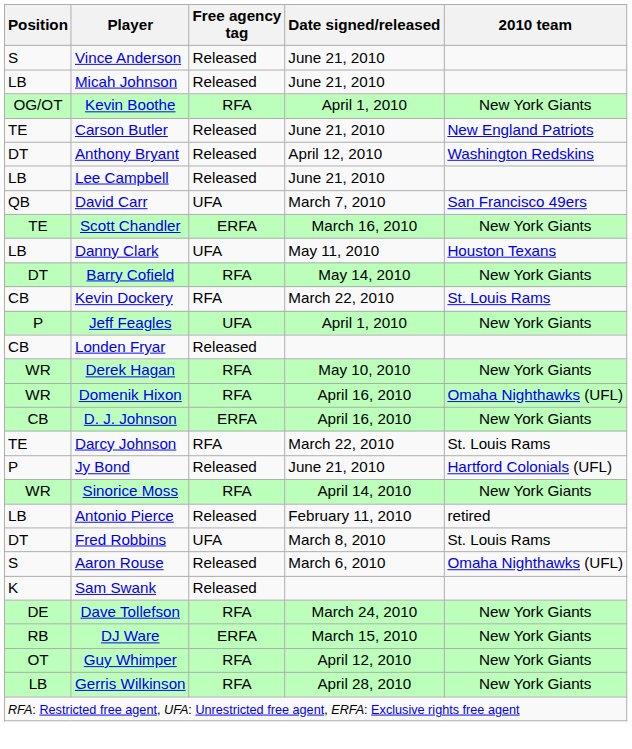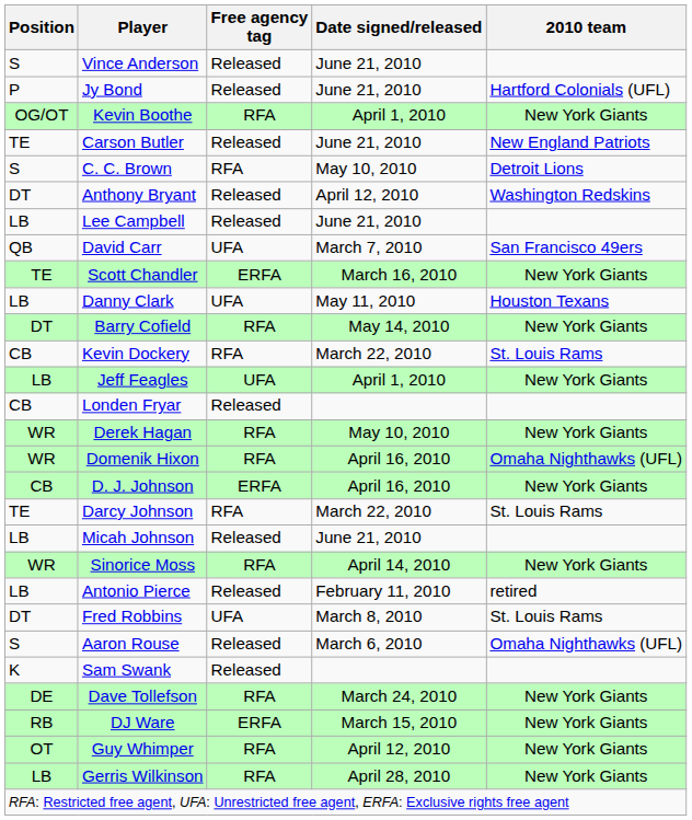 <table class="wikitable">
 <tr>
 <th>Position</th>
 <th>Player</th>
 <th>Free agency<br>tag</th>
 <th>Date signed/released</th>
 <th>2010 team</th>
 </tr>
 <tr style= style="text-align:center;">
 <td>S</td>
 <td><a href='#'>Vince Anderson</a></td>
 <td>Released</td>
 <td>June 21, 2010</td>
 <td></td>
 </tr>
 <tr style= style="text-align:center;">
-<td>LB</td>
-<td><a href='#'>Micah Johnson</a></td>
+<td>P</td>
+<td><a href='#'>Jy Bond</a></td>
 <td>Released</td>
 <td>June 21, 2010</td>
-<td></td>
+<td><a href='#'>Hartford Colonials</a> (UFL)</td>
 </tr>
 <tr style="background:#bfb; text-align:center;">
 <td>OG/OT</td>
 <td><a href='#'>Kevin Boothe</a></td>
 <td>RFA</td>
 <td>April 1, 2010</td>
 <td>New York Giants</td>
 </tr>
 <tr style= style="text-align:center;">
 <td>TE</td>
 <td><a href='#'>Carson Butler</a></td>
 <td>Released</td>
 <td>June 21, 2010</td>
 <td><a href='#'>New England Patriots</a></td>
+</tr>
+<tr style= style="text-align:center;">
+<td>S</td>
+<td><a href='#'>C. C. Brown</a></td>
+<td>RFA</td>
+<td>May 10, 2010</td>
+<td><a href='#'>Detroit Lions</a></td>
 </tr>
 <tr style= style="text-align:center;">
 <td>DT</td>
 <td><a href='#'>Anthony Bryant</a></td>
 <td>Released</td>
 <td>April 12, 2010</td>
 <td><a href='#'>Washington Redskins</a></td>
 </tr>
 <tr style= style="text-align:center;">
 <td>LB</td>
 <td><a href='#'>Lee Campbell</a></td>
 <td>Released</td>
 <td>June 21, 2010</td>
 <td></td>
 </tr>
 <tr style= style="text-align:center;">
 <td>QB</td>
 <td><a href='#'>David Carr</a></td>
 <td>UFA</td>
 <td>March 7, 2010</td>
 <td><a href='#'>San Francisco 49ers</a></td>
 </tr>
 <tr style="background:#bfb; text-align:center;">
 <td>TE</td>
 <td><a href='#'>Scott Chandler</a></td>
 <td>ERFA</td>
 <td>March 16, 2010</td>
 <td>New York Giants</td>
 </tr>
 <tr style= style="text-align:center;">
 <td>LB</td>
 <td><a href='#'>Danny Clark</a></td>
 <td>UFA</td>
 <td>May 11, 2010</td>
 <td><a href='#'>Houston Texans</a></td>
 </tr>
 <tr style="background:#bfb; text-align:center;">
 <td>DT</td>
 <td><a href='#'>Barry Cofield</a></td>
 <td>RFA</td>
 <td>May 14, 2010</td>
 <td>New York Giants</td>
 </tr>
 <tr style= style="text-align:center;">
 <td>CB</td>
 <td><a href='#'>Kevin Dockery</a></td>
 <td>RFA</td>
 <td>March 22, 2010</td>
 <td><a href='#'>St. Louis Rams</a></td>
 </tr>
 <tr style="background:#bfb; text-align:center;">
-<td>P</td>
+<td>LB</td>
 <td><a href='#'>Jeff Feagles</a></td>
 <td>UFA</td>
 <td>April 1, 2010</td>
 <td>New York Giants</td>
 </tr>
 <tr style= style="text-align:center;">
 <td>CB</td>
 <td><a href='#'>Londen Fryar</a></td>
 <td>Released</td>
 <td></td>
 <td></td>
 </tr>
 <tr style="background:#bfb; text-align:center;">
 <td>WR</td>
 <td><a href='#'>Derek Hagan</a></td>
 <td>RFA</td>
 <td>May 10, 2010</td>
 <td>New York Giants</td>
 </tr>
 <tr style="background:#bfb; text-align:center;">
 <td>WR</td>
 <td><a href='#'>Domenik Hixon</a></td>
 <td>RFA</td>
 <td>April 16, 2010</td>
 <td><a href='#'>Omaha Nighthawks</a> (UFL)</td>
 </tr>
 <tr style="background:#bfb; text-align:center;">
 <td>CB</td>
 <td><a href='#'>D. J. Johnson</a></td>
 <td>ERFA</td>
 <td>April 16, 2010</td>
 <td>New York Giants</td>
 </tr>
 <tr style= style="text-align:center;">
 <td>TE</td>
 <td><a href='#'>Darcy Johnson</a></td>
 <td>RFA</td>
 <td>March 22, 2010</td>
 <td>St. Louis Rams</td>
 </tr>
 <tr style= style="text-align:center;">
-<td>P</td>
-<td><a href='#'>Jy Bond</a></td>
+<td>LB</td>
+<td><a href='#'>Micah Johnson</a></td>
 <td>Released</td>
 <td>June 21, 2010</td>
-<td><a href='#'>Hartford Colonials</a> (UFL)</td>
+<td></td>
 </tr>
 <tr style="background:#bfb; text-align:center;">
 <td>WR</td>
 <td><a href='#'>Sinorice Moss</a></td>
 <td>RFA</td>
 <td>April 14, 2010</td>
 <td>New York Giants</td>
 </tr>
 <tr style= style="text-align:center;">
 <td>LB</td>
 <td><a href='#'>Antonio Pierce</a></td>
 <td>Released</td>
 <td>February 11, 2010</td>
 <td>retired</td>
 </tr>
 <tr style= style="text-align:center;">
 <td>DT</td>
 <td><a href='#'>Fred Robbins</a></td>
 <td>UFA</td>
 <td>March 8, 2010</td>
 <td>St. Louis Rams</td>
 </tr>
 <tr style= style="text-align:center;">
 <td>S</td>
 <td><a href='#'>Aaron Rouse</a></td>
 <td>Released</td>
 <td>March 6, 2010</td>
 <td><a href='#'>Omaha Nighthawks</a> (UFL)</td>
 </tr>
 <tr style= style="text-align:center;">
 <td>K</td>
 <td><a href='#'>Sam Swank</a></td>
 <td>Released</td>
 <td></td>
 <td></td>
 </tr>
 <tr style="background:#bfb; text-align:center;">
 <td>DE</td>
 <td><a href='#'>Dave Tollefson</a></td>
 <td>RFA</td>
 <td>March 24, 2010</td>
 <td>New York Giants</td>
 </tr>
 <tr style="background:#bfb; text-align:center;">
 <td>RB</td>
 <td><a href='#'>DJ Ware</a></td>
 <td>ERFA</td>
 <td>March 15, 2010</td>
 <td>New York Giants</td>
 </tr>
 <tr style="background:#bfb; text-align:center;">
 <td>OT</td>
 <td><a href='#'>Guy Whimper</a></td>
 <td>RFA</td>
 <td>April 12, 2010</td>
 <td>New York Giants</td>
 </tr>
 <tr style="background:#bfb; text-align:center;">
 <td>LB</td>
 <td><a href='#'>Gerris Wilkinson</a></td>
 <td>RFA</td>
 <td>April 28, 2010</td>
 <td>New York Giants</td>
 </tr>
 <tr>
 <td colspan="5"><small><em>RFA</em>: <a href='#'>Restricted free agent</a>, <em>UFA</em>: <a href='#'>Unrestricted free agent</a>, <em>ERFA</em>: <a href='#'>Exclusive rights free agent</a></small></td>
 </tr>
 </table>
